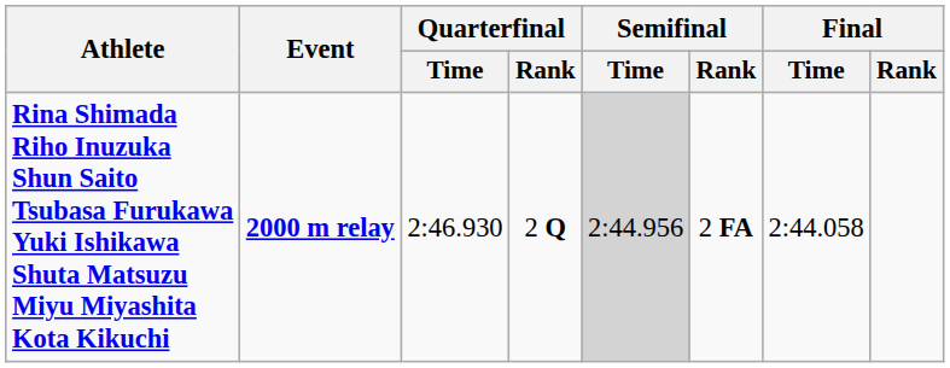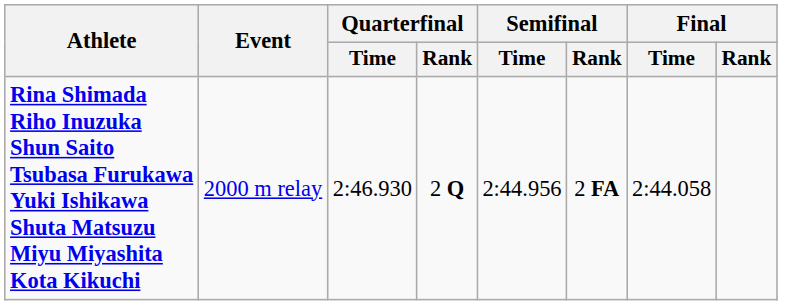 <table class="wikitable" style="font-size:90%">
 <tr>
 <th rowspan=2>Athlete</th>
 <th rowspan=2>Event</th>
 <th colspan=2>Quarterfinal</th>
 <th colspan=2>Semifinal</th>
 <th colspan=2>Final</th>
 </tr>
 <tr style="font-size:95%">
 <th>Time</th>
 <th>Rank</th>
 <th>Time</th>
 <th>Rank</th>
 <th>Time</th>
 <th>Rank</th>
 </tr>
 <tr align=center>
 <td align=left><strong><a href='#'>Rina Shimada</a><br><a href='#'>Riho Inuzuka</a><br><a href='#'>Shun Saito</a><br><a href='#'>Tsubasa Furukawa</a><br><a href='#'>Yuki Ishikawa</a><br><a href='#'>Shuta Matsuzu</a><br><a href='#'>Miyu Miyashita</a><br><a href='#'>Kota Kikuchi</a></strong></td>
-<td align=left><strong><a href='#'>2000 m relay</a></strong></td>
+<td align=left><a href='#'>2000 m relay</a></td>
 <td>2:46.930</td>
 <td>2 <strong>Q</strong></td>
-<td style="background: lightgrey;">2:44.956</td>
+<td>2:44.956</td>
 <td>2 <strong>FA</strong></td>
 <td>2:44.058</td>
 <td></td>
 </tr>
 </table>
